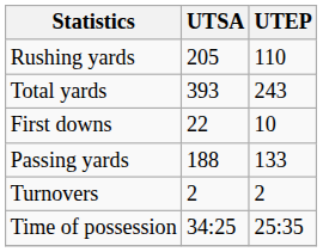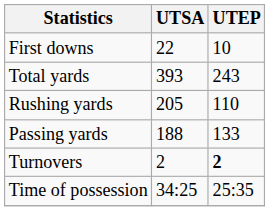 <table class="wikitable">
 <tr>
 <th>Statistics</th>
 <th>UTSA</th>
 <th>UTEP</th>
 </tr>
 <tr>
-<td>Rushing yards</td>
-<td>205</td>
-<td>110</td>
+<td>First downs</td>
+<td>22</td>
+<td>10</td>
 </tr>
 <tr>
 <td>Total yards</td>
 <td>393</td>
 <td>243</td>
 </tr>
 <tr>
-<td>First downs</td>
-<td>22</td>
-<td>10</td>
+<td>Rushing yards</td>
+<td>205</td>
+<td>110</td>
 </tr>
 <tr>
 <td>Passing yards</td>
 <td>188</td>
 <td>133</td>
 </tr>
 <tr>
 <td>Turnovers</td>
 <td>2</td>
-<td>2</td>
+<td><strong>2</strong></td>
 </tr>
 <tr>
 <td>Time of possession</td>
 <td>34:25</td>
 <td>25:35</td>
 </tr>
 <tr>
 </tr>
 </table>
